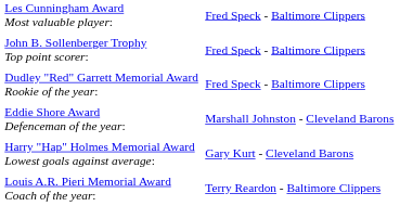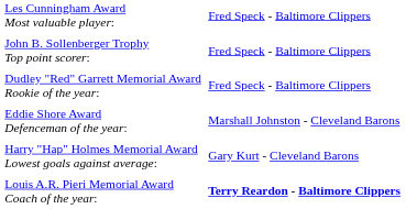 <table cellpadding="3" cellspacing="3">
 <tr>
 <td><a href='#'>Les Cunningham Award</a><br><em>Most valuable player</em>:</td>
 <td><a href='#'>Fred Speck</a> - <a href='#'>Baltimore Clippers</a></td>
 </tr>
 <tr>
 <td><a href='#'>John B. Sollenberger Trophy</a><br><em>Top point scorer</em>:</td>
 <td><a href='#'>Fred Speck</a> - <a href='#'>Baltimore Clippers</a></td>
 </tr>
 <tr>
 <td><a href='#'>Dudley "Red" Garrett Memorial Award</a><br><em>Rookie of the year</em>:</td>
 <td><a href='#'>Fred Speck</a> - <a href='#'>Baltimore Clippers</a></td>
 </tr>
 <tr>
 <td><a href='#'>Eddie Shore Award</a><br><em>Defenceman of the year</em>:</td>
 <td><a href='#'>Marshall Johnston</a> - <a href='#'>Cleveland Barons</a></td>
 </tr>
 <tr>
 <td><a href='#'>Harry "Hap" Holmes Memorial Award</a><br><em>Lowest goals against average</em>:</td>
 <td><a href='#'>Gary Kurt</a> - <a href='#'>Cleveland Barons</a></td>
 </tr>
 <tr>
 <td><a href='#'>Louis A.R. Pieri Memorial Award</a><br><em>Coach of the year</em>:</td>
-<td><a href='#'>Terry Reardon</a> - <a href='#'>Baltimore Clippers</a></td>
+<td><strong><a href='#'>Terry Reardon</a> - <a href='#'>Baltimore Clippers</a></strong></td>
 </tr>
 </table>
